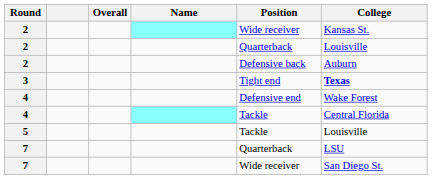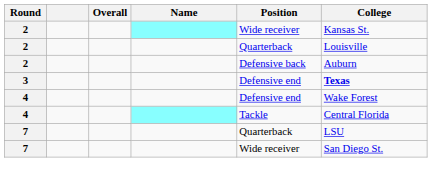 <table class="wikitable sortable" style="width: 50%;">
 <tr>
 <th scope="col" style="width: 10%;">Round</th>
 <th scope="col" style="width: 10%;"></th>
 <th scope="col" style="width: 10%;">Overall</th>
 <th scope="col" style="width: 25%;">Name</th>
 <th scope="col" style="width: 20%;">Position</th>
 <th scope="col" style="width: 25%;">College</th>
 </tr>
 <tr>
 <th scope="row">2</th>
 <td></td>
 <td></td>
 <td style="background:#88FFFF;"> <sup></sup></td>
 <td><a href='#'>Wide receiver</a></td>
 <td><a href='#'>Kansas St.</a></td>
 </tr>
 <tr>
 <th scope="row">2</th>
 <td></td>
 <td></td>
 <td></td>
 <td><a href='#'>Quarterback</a></td>
 <td><a href='#'>Louisville</a></td>
 </tr>
 <tr>
 <th scope="row">2</th>
 <td></td>
 <td></td>
 <td></td>
 <td><a href='#'>Defensive back</a></td>
 <td><a href='#'>Auburn</a></td>
 </tr>
 <tr>
 <th scope="row">3</th>
 <td></td>
 <td></td>
 <td></td>
-<td><a href='#'>Tight end</a></td>
+<td><a href='#'>Defensive end</a></td>
 <td><strong><a href='#'>Texas</a></strong></td>
 </tr>
 <tr>
 <th scope="row">4</th>
 <td></td>
 <td></td>
 <td></td>
 <td><a href='#'>Defensive end</a></td>
 <td><a href='#'>Wake Forest</a></td>
 </tr>
 <tr>
 <th scope="row">4</th>
 <td></td>
 <td></td>
 <td style="background:#88FFFF;"> <sup></sup></td>
 <td><a href='#'>Tackle</a></td>
 <td><a href='#'>Central Florida</a></td>
 </tr>
 <tr>
-<th scope="row">5</th>
-<td></td>
-<td></td>
-<td></td>
-<td>Tackle</td>
-<td>Louisville</td>
-</tr>
-<tr>
 <th scope="row">7</th>
 <td></td>
 <td></td>
 <td></td>
 <td>Quarterback</td>
 <td><a href='#'>LSU</a></td>
 </tr>
 <tr>
 <th scope="row">7</th>
 <td></td>
 <td></td>
 <td></td>
 <td>Wide receiver</td>
 <td><a href='#'>San Diego St.</a></td>
 </tr>
 </table>
